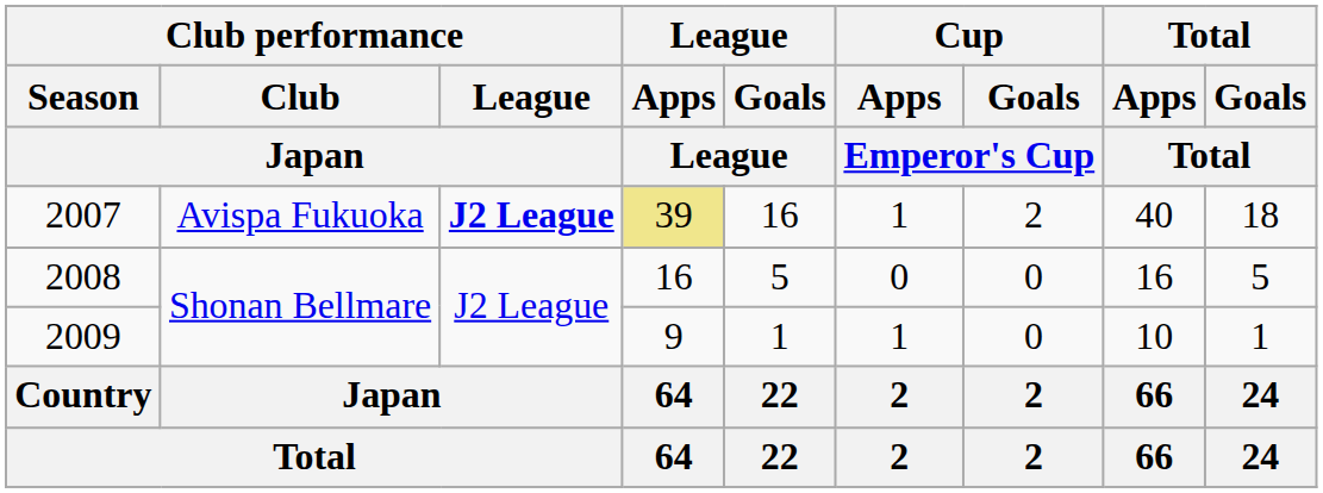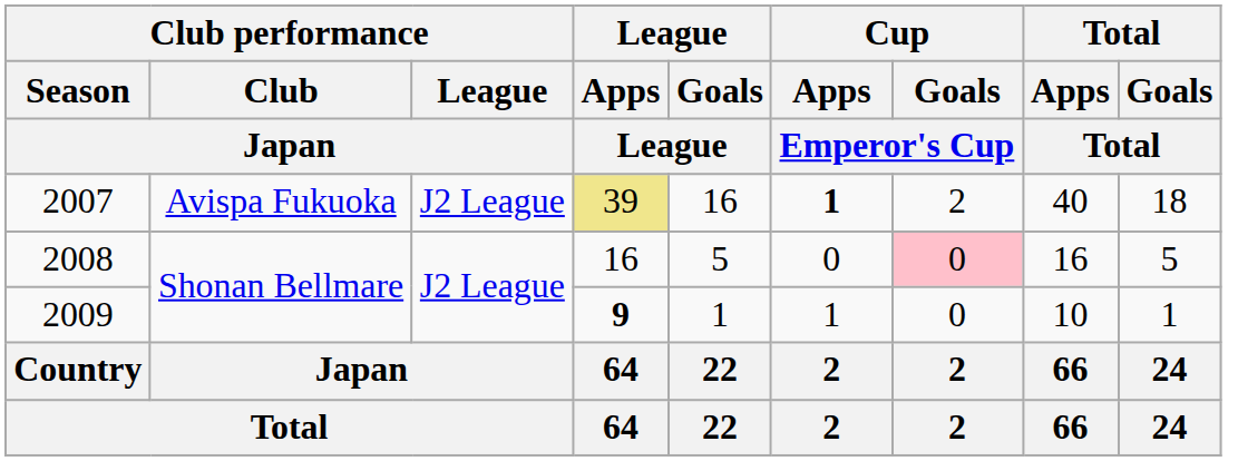 <table class="wikitable" style="text-align:center;">
 <tr>
 <th colspan=3>Club performance</th>
 <th colspan=2>League</th>
 <th colspan=2>Cup</th>
 <th colspan=2>Total</th>
 </tr>
 <tr>
 <th>Season</th>
 <th>Club</th>
 <th>League</th>
 <th>Apps</th>
 <th>Goals</th>
 <th>Apps</th>
 <th>Goals</th>
 <th>Apps</th>
 <th>Goals</th>
 </tr>
 <tr>
 <th colspan=3>Japan</th>
 <th colspan=2>League</th>
 <th colspan=2><a href='#'>Emperor's Cup</a></th>
 <th colspan=2>Total</th>
 </tr>
 <tr>
 <td>2007</td>
 <td><a href='#'>Avispa Fukuoka</a></td>
-<td><strong><a href='#'>J2 League</a></strong></td>
+<td><a href='#'>J2 League</a></td>
 <td style="background: khaki;">39</td>
 <td>16</td>
-<td>1</td>
+<td><strong>1</strong></td>
 <td>2</td>
 <td>40</td>
 <td>18</td>
 </tr>
 <tr>
 <td>2008</td>
 <td rowspan="2"><a href='#'>Shonan Bellmare</a></td>
 <td rowspan="2"><a href='#'>J2 League</a></td>
 <td>16</td>
 <td>5</td>
 <td>0</td>
-<td>0</td>
+<td style="background: pink;">0</td>
 <td>16</td>
 <td>5</td>
 </tr>
 <tr>
 <td>2009</td>
-<td>9</td>
+<td><strong>9</strong></td>
 <td>1</td>
 <td>1</td>
 <td>0</td>
 <td>10</td>
 <td>1</td>
 </tr>
 <tr>
 <th rowspan=1>Country</th>
 <th colspan=2>Japan</th>
 <th>64</th>
 <th>22</th>
 <th>2</th>
 <th>2</th>
 <th>66</th>
 <th>24</th>
 </tr>
 <tr>
 <th colspan=3>Total</th>
 <th>64</th>
 <th>22</th>
 <th>2</th>
 <th>2</th>
 <th>66</th>
 <th>24</th>
 </tr>
 </table>
